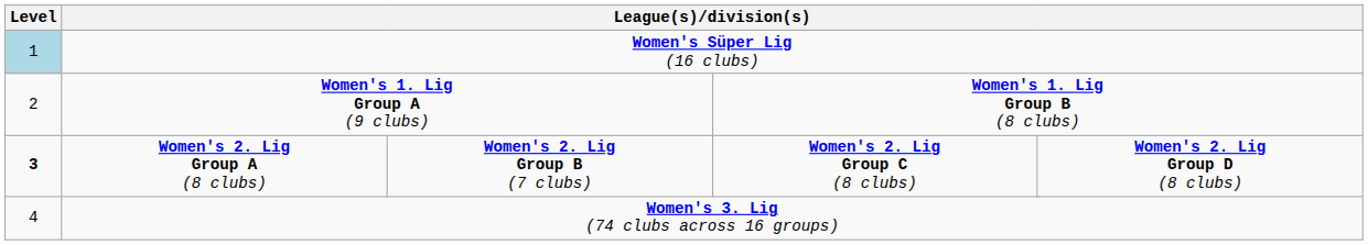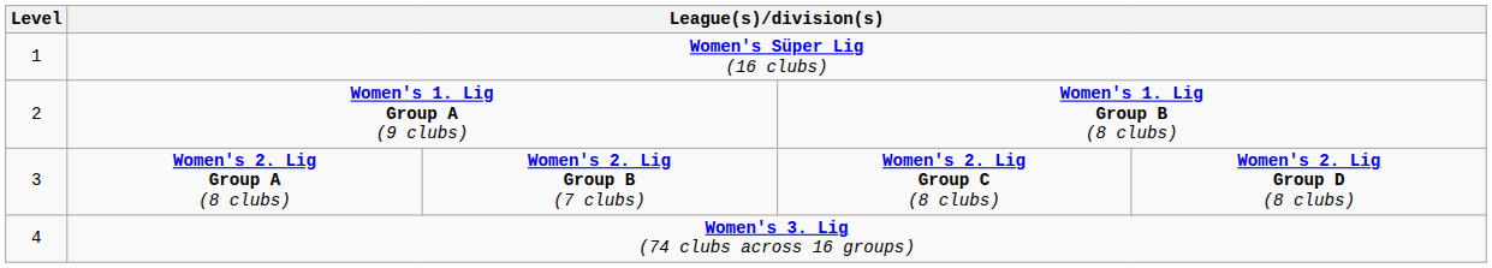 <table class="wikitable" style="text-align: center;">
 <tr>
 <th style="width:4%;">Level</th>
 <th colspan="8" style="width:92%">League(s)/division(s)</th>
 </tr>
 <tr>
-<td style="background: lightblue;">1</td>
+<td>1</td>
 <td colspan="8"><strong><a href='#'>Women's Süper Lig</a></strong><br><em>(16 clubs)</em></td>
 </tr>
 <tr>
 <td>2</td>
 <td colspan="4"><strong><a href='#'>Women's 1. Lig</a></strong><br><strong>Group A</strong><br><em>(9 clubs)</em></td>
 <td colspan="4"><strong><a href='#'>Women's 1. Lig</a></strong><br><strong>Group B</strong><br><em>(8 clubs)</em></td>
 </tr>
 <tr>
-<td><strong>3</strong></td>
+<td>3</td>
 <td colspan="2"><strong><a href='#'>Women's 2. Lig</a></strong><br><strong>Group A</strong><br><em>(8 clubs)</em></td>
 <td colspan="2"><strong><a href='#'>Women's 2. Lig</a></strong><br><strong>Group B</strong><br><em>(7 clubs)</em></td>
 <td colspan="2"><strong><a href='#'>Women's 2. Lig</a></strong><br><strong>Group C</strong><br><em>(8 clubs)</em></td>
 <td colspan="2"><strong><a href='#'>Women's 2. Lig</a></strong><br><strong>Group D</strong><br><em>(8 clubs)</em></td>
 </tr>
 <tr>
 <td>4</td>
 <td colspan="8"><strong><a href='#'>Women's 3. Lig</a></strong><br><em>(74 clubs across 16 groups)</em></td>
 </tr>
 </table>
